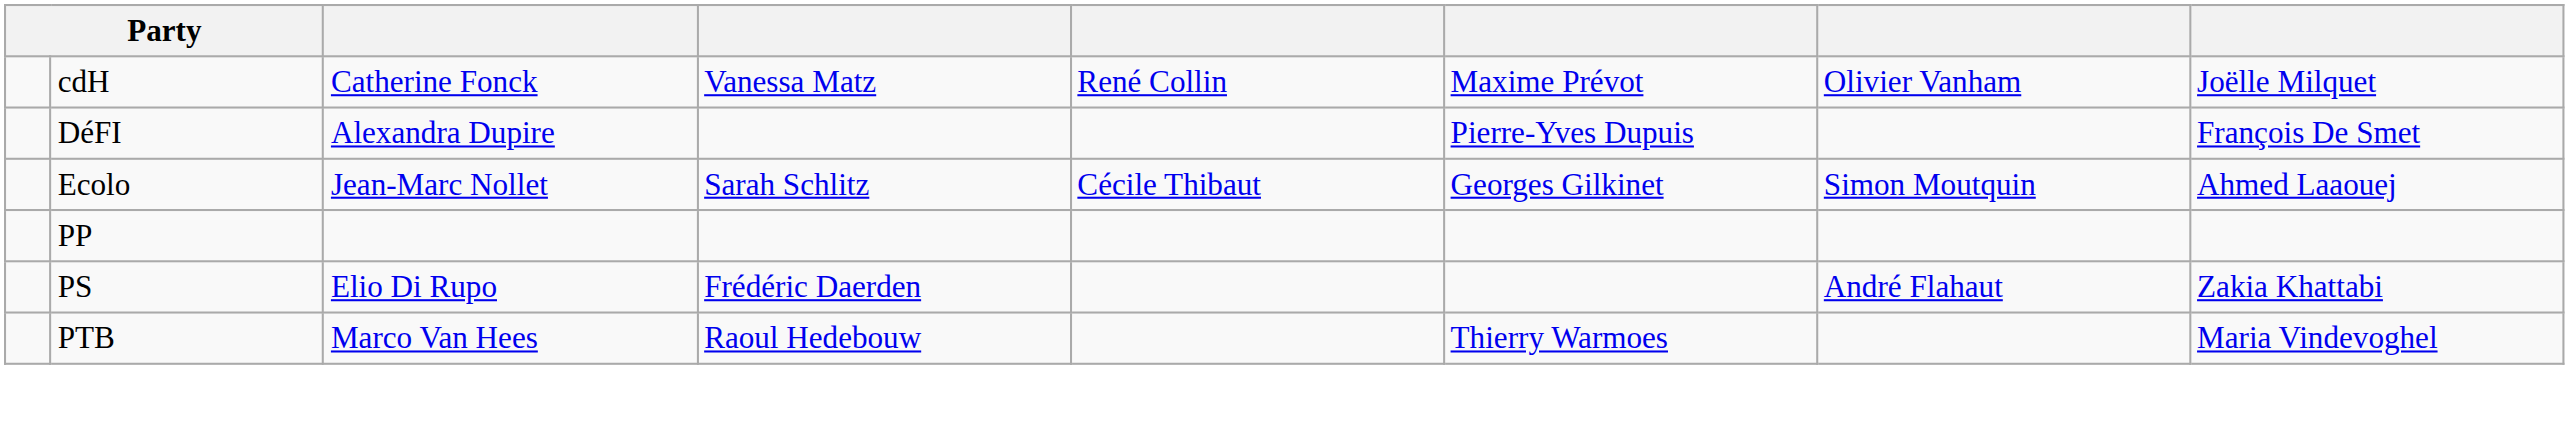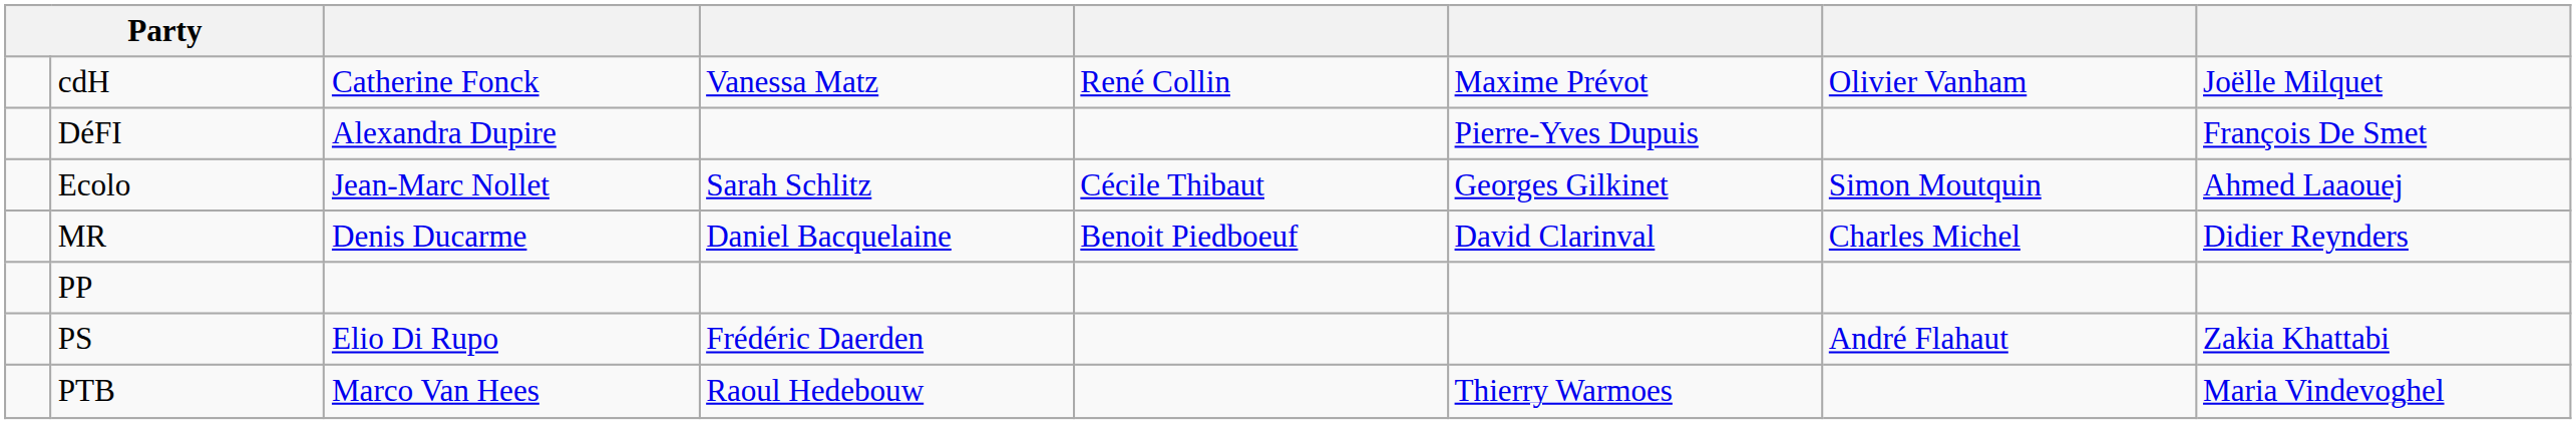 <table class="wikitable" style="font-size:95%;">
 <tr>
 <th colspan="2" style="width:175px;">Party</th>
 <th style="width:175px;"></th>
 <th style="width:175px;"></th>
 <th style="width:175px;"></th>
 <th style="width:175px;"></th>
 <th style="width:175px;"></th>
 <th style="width:175px;"></th>
 </tr>
 <tr>
 <td style="background-color: "></td>
 <td>cdH</td>
 <td><a href='#'>Catherine Fonck</a></td>
 <td><a href='#'>Vanessa Matz</a></td>
 <td><a href='#'>René Collin</a></td>
 <td><a href='#'>Maxime Prévot</a></td>
 <td><a href='#'>Olivier Vanham</a></td>
 <td><a href='#'>Joëlle Milquet</a></td>
 </tr>
 <tr>
 <td style="background-color: "></td>
 <td>DéFI</td>
 <td><a href='#'>Alexandra Dupire</a></td>
 <td></td>
 <td></td>
 <td><a href='#'>Pierre-Yves Dupuis</a></td>
 <td></td>
 <td><a href='#'>François De Smet</a></td>
 </tr>
 <tr>
 <td style="background-color: "></td>
 <td>Ecolo</td>
 <td><a href='#'>Jean-Marc Nollet</a></td>
 <td><a href='#'>Sarah Schlitz</a></td>
 <td><a href='#'>Cécile Thibaut</a></td>
 <td><a href='#'>Georges Gilkinet</a></td>
 <td><a href='#'>Simon Moutquin</a></td>
 <td><a href='#'>Ahmed Laaouej</a></td>
 </tr>
 <tr>
 <td style="background-color: "></td>
+<td>MR</td>
+<td><a href='#'>Denis Ducarme</a></td>
+<td><a href='#'>Daniel Bacquelaine</a></td>
+<td><a href='#'>Benoit Piedboeuf</a></td>
+<td><a href='#'>David Clarinval</a></td>
+<td><a href='#'>Charles Michel</a></td>
+<td><a href='#'>Didier Reynders</a></td>
+</tr>
+<tr>
+<td style="background-color: "></td>
 <td>PP</td>
 <td></td>
 <td></td>
 <td></td>
 <td></td>
 <td></td>
 <td></td>
 </tr>
 <tr>
 <td style="background-color: "></td>
 <td>PS</td>
 <td><a href='#'>Elio Di Rupo</a></td>
 <td><a href='#'>Frédéric Daerden</a></td>
 <td></td>
 <td></td>
 <td><a href='#'>André Flahaut</a></td>
 <td><a href='#'>Zakia Khattabi</a></td>
 </tr>
 <tr>
 <td style="background-color: "></td>
 <td>PTB</td>
 <td><a href='#'>Marco Van Hees</a></td>
 <td><a href='#'>Raoul Hedebouw</a></td>
 <td></td>
 <td><a href='#'>Thierry Warmoes</a></td>
 <td></td>
 <td><a href='#'>Maria Vindevoghel</a></td>
 </tr>
 </table>
